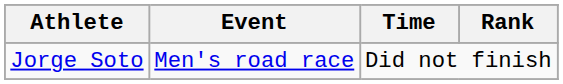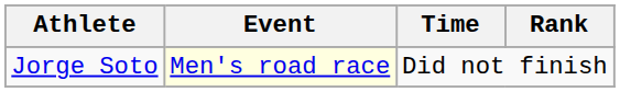 <table class="wikitable" style="font-size:90%">
 <tr>
 <th>Athlete</th>
 <th>Event</th>
 <th>Time</th>
 <th>Rank</th>
 </tr>
 <tr align=center>
 <td align=left><a href='#'>Jorge Soto</a></td>
-<td align=left><a href='#'>Men's road race</a></td>
+<td align=left style="background: lightyellow;"><a href='#'>Men's road race</a></td>
 <td colspan=2>Did not finish</td>
 </tr>
 </table>
